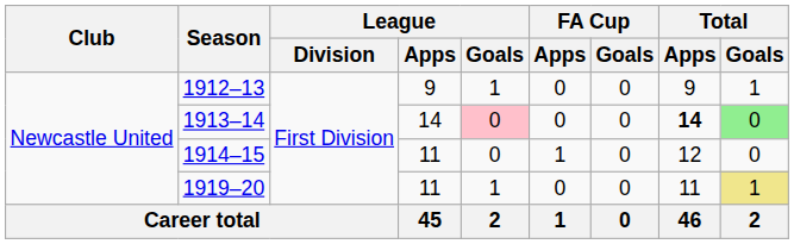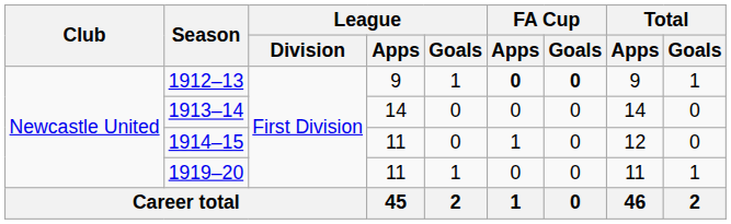 <table class="wikitable" style="text-align: center">
 <tr>
 <th rowspan="2">Club</th>
 <th rowspan="2">Season</th>
 <th colspan="3">League</th>
 <th colspan="2">FA Cup</th>
 <th colspan="2">Total</th>
 </tr>
 <tr>
 <th>Division</th>
 <th>Apps</th>
 <th>Goals</th>
 <th>Apps</th>
 <th>Goals</th>
 <th>Apps</th>
 <th>Goals</th>
 </tr>
 <tr>
 <td rowspan="4"><a href='#'>Newcastle United</a></td>
 <td><a href='#'>1912–13</a></td>
 <td rowspan="4"><a href='#'>First Division</a></td>
 <td>9</td>
 <td>1</td>
-<td>0</td>
-<td>0</td>
+<td><strong>0</strong></td>
+<td><strong>0</strong></td>
 <td>9</td>
 <td>1</td>
 </tr>
 <tr>
 <td><a href='#'>1913–14</a></td>
 <td>14</td>
-<td style="background: pink;">0</td>
 <td>0</td>
 <td>0</td>
-<td><strong>14</strong></td>
-<td style="background: lightgreen;">0</td>
+<td>0</td>
+<td>14</td>
+<td>0</td>
 </tr>
 <tr>
 <td><a href='#'>1914–15</a></td>
 <td>11</td>
 <td>0</td>
 <td>1</td>
 <td>0</td>
 <td>12</td>
 <td>0</td>
 </tr>
 <tr>
 <td><a href='#'>1919–20</a></td>
 <td>11</td>
 <td>1</td>
 <td>0</td>
 <td>0</td>
 <td>11</td>
-<td style="background: khaki;">1</td>
+<td>1</td>
 </tr>
 <tr>
 <th colspan="3">Career total</th>
 <th>45</th>
 <th>2</th>
 <th>1</th>
 <th>0</th>
 <th>46</th>
 <th>2</th>
 </tr>
 </table>
